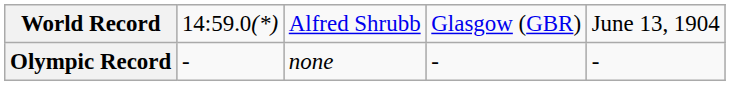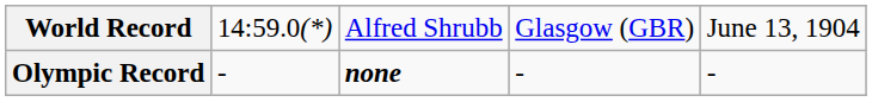 <table class="wikitable" style="font-size:95%;">
 <tr>
 <th>World Record</th>
 <td>14:59.0<em>(*)</em></td>
 <td> <a href='#'>Alfred Shrubb</a></td>
 <td><a href='#'>Glasgow</a> (<a href='#'>GBR</a>)</td>
 <td>June 13, 1904</td>
 </tr>
 <tr>
 <th>Olympic Record</th>
 <td>-</td>
-<td><em>none</em></td>
+<td><strong><em>none</em></strong></td>
 <td>-</td>
 <td>-</td>
 </tr>
 </table>
